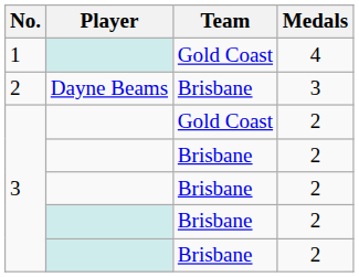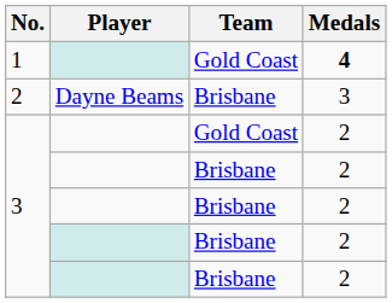 <table class="wikitable sortable">
 <tr>
 <th>No.</th>
 <th>Player</th>
 <th>Team</th>
 <th>Medals</th>
 </tr>
 <tr>
 <td>1</td>
 <td style="text-align:left; background:#cfecec;"></td>
 <td><a href='#'>Gold Coast</a></td>
-<td style="text-align:center;">4</td>
+<td style="text-align:center;"><strong>4</strong></td>
 </tr>
 <tr>
 <td>2</td>
 <td><a href='#'>Dayne Beams</a></td>
 <td><a href='#'>Brisbane</a></td>
 <td style="text-align:center;">3</td>
 </tr>
 <tr>
 <td rowspan=5>3</td>
 <td></td>
 <td><a href='#'>Gold Coast</a></td>
 <td style="text-align:center;">2</td>
 </tr>
 <tr>
 <td></td>
 <td><a href='#'>Brisbane</a></td>
 <td style="text-align:center;">2</td>
 </tr>
 <tr>
 <td style="text-align:left;"></td>
 <td><a href='#'>Brisbane</a></td>
 <td style="text-align:center;">2</td>
 </tr>
 <tr>
 <td style="text-align:left; background:#cfecec;"></td>
 <td><a href='#'>Brisbane</a></td>
 <td style="text-align:center;">2</td>
 </tr>
 <tr>
 <td style="text-align:left; background:#cfecec;"></td>
 <td><a href='#'>Brisbane</a></td>
 <td style="text-align:center;">2</td>
 </tr>
 </table>
